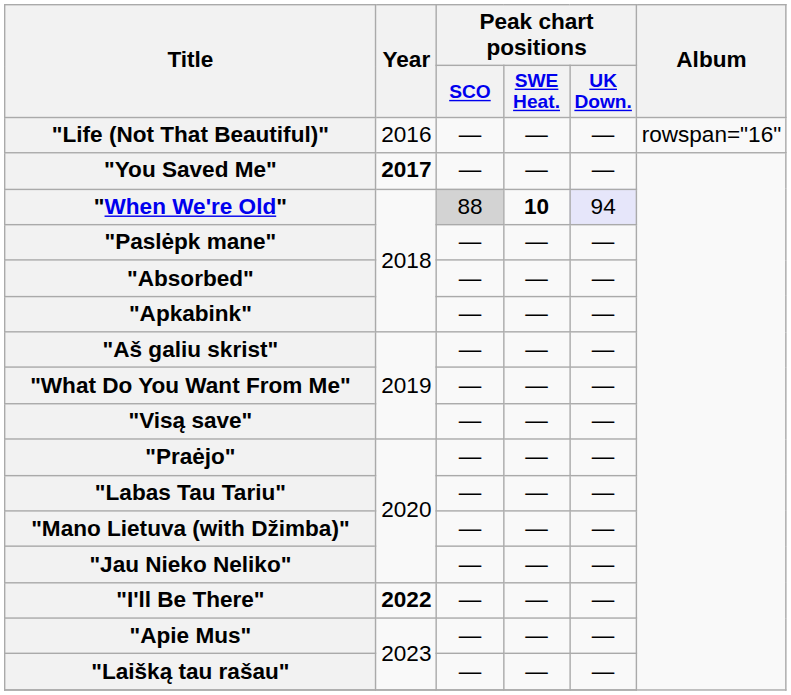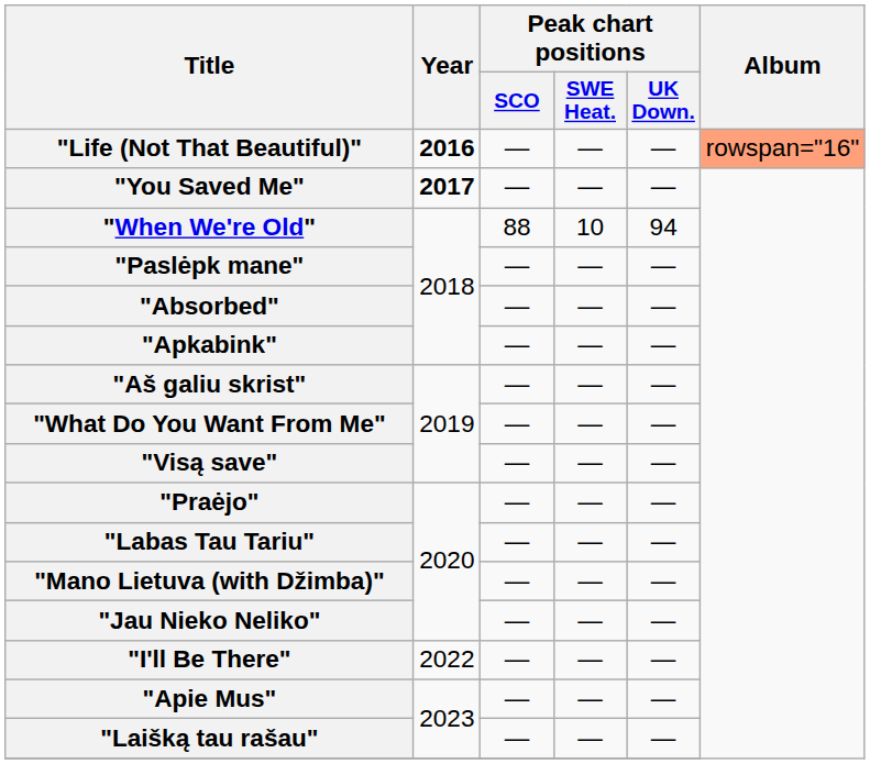 <table class="wikitable plainrowheaders" style="text-align:center;">
 <tr>
 <th scope="col" rowspan="2" style="width:16em;">Title</th>
 <th scope="col" rowspan="2" style="width:1em;">Year</th>
 <th scope="col" colspan="3">Peak chart positions</th>
 <th scope="col" rowspan="2">Album</th>
 </tr>
 <tr>
 <th scope="col" style="width:3em;font-size:85%;"><a href='#'>SCO</a><br></th>
 <th scope="col" style="width:3em;font-size:85%;"><a href='#'>SWE<br>Heat.</a><br></th>
 <th scope="col" style="width:3em;font-size:85%;"><a href='#'>UK<br>Down.</a><br></th>
 </tr>
 <tr>
 <th scope="row">"Life (Not That Beautiful)"</th>
-<td>2016</td>
+<td><strong>2016</strong></td>
 <td>—</td>
 <td>—</td>
 <td>—</td>
-<td>rowspan="16" </td>
+<td style="background: lightsalmon;">rowspan="16" </td>
 </tr>
 <tr>
 <th scope="row">"You Saved Me"</th>
 <td><strong>2017</strong></td>
 <td>—</td>
 <td>—</td>
 <td>—</td>
 </tr>
 <tr>
 <th scope="row">"<a href='#'>When We're Old</a>"</th>
 <td rowspan="4">2018</td>
-<td style="background: lightgrey;">88</td>
-<td><strong>10</strong></td>
-<td style="background: lavender;">94</td>
+<td>88</td>
+<td>10</td>
+<td>94</td>
 </tr>
 <tr>
 <th scope="row">"Paslėpk mane"</th>
 <td>—</td>
 <td>—</td>
 <td>—</td>
 </tr>
 <tr>
 <th scope="row">"Absorbed"</th>
 <td>—</td>
 <td>—</td>
 <td>—</td>
 </tr>
 <tr>
 <th scope="row">"Apkabink"</th>
 <td>—</td>
 <td>—</td>
 <td>—</td>
 </tr>
 <tr>
 <th scope="row">"Aš galiu skrist"</th>
 <td rowspan="3">2019</td>
 <td>—</td>
 <td>—</td>
 <td>—</td>
 </tr>
 <tr>
 <th scope="row">"What Do You Want From Me"</th>
 <td>—</td>
 <td>—</td>
 <td>—</td>
 </tr>
 <tr>
 <th scope="row">"Visą save"</th>
 <td>—</td>
 <td>—</td>
 <td>—</td>
 </tr>
 <tr>
 <th scope="row">"Praėjo"</th>
 <td rowspan="4">2020</td>
 <td>—</td>
 <td>—</td>
 <td>—</td>
 </tr>
 <tr>
 <th scope="row">"Labas Tau Tariu"</th>
 <td>—</td>
 <td>—</td>
 <td>—</td>
 </tr>
 <tr>
 <th scope="row">"Mano Lietuva (with Džimba)"</th>
 <td>—</td>
 <td>—</td>
 <td>—</td>
 </tr>
 <tr>
 <th scope="row">"Jau Nieko Neliko"</th>
 <td>—</td>
 <td>—</td>
 <td>—</td>
 </tr>
 <tr>
 <th scope="row">"I'll Be There"</th>
-<td rowspan="1"><strong>2022</strong></td>
+<td rowspan="1">2022</td>
 <td>—</td>
 <td>—</td>
 <td>—</td>
 </tr>
 <tr>
 <th scope="row">"Apie Mus"</th>
 <td rowspan="2">2023</td>
 <td>—</td>
 <td>—</td>
 <td>—</td>
 </tr>
 <tr>
 <th scope="row">"Laišką tau rašau"</th>
 <td>—</td>
 <td>—</td>
 <td>—</td>
 </tr>
 <tr>
 </tr>
 </table>
